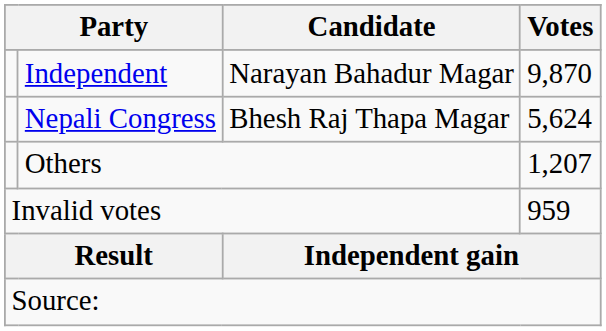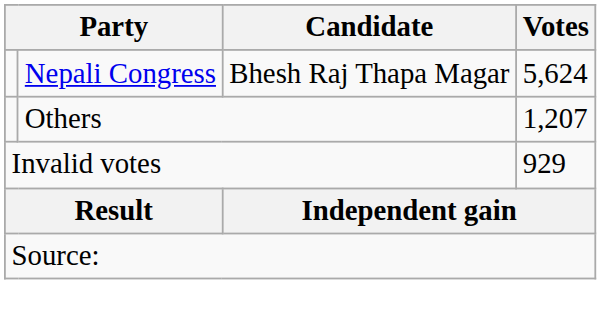 <table class="wikitable">
 <tr>
 <th colspan="2">Party</th>
 <th>Candidate</th>
 <th>Votes</th>
-</tr>
-<tr>
-<td style="background-color:"></td>
-<td><a href='#'>Independent</a></td>
-<td>Narayan Bahadur Magar</td>
-<td>9,870</td>
 </tr>
 <tr>
 <td style="background-color:"></td>
 <td><a href='#'>Nepali Congress</a></td>
 <td>Bhesh Raj Thapa Magar</td>
 <td>5,624</td>
 </tr>
 <tr>
 <td></td>
 <td colspan="2">Others</td>
 <td>1,207</td>
 </tr>
 <tr>
 <td colspan="3">Invalid votes</td>
-<td>959</td>
+<td>929</td>
 </tr>
 <tr>
 <th colspan="2">Result</th>
 <th colspan="2">Independent gain</th>
 </tr>
 <tr>
 <td colspan="4">Source: </td>
 </tr>
 </table>
